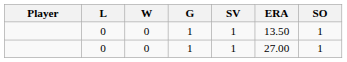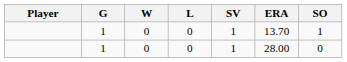 <table class="wikitable sortable">
 <tr>
 <th bgcolor="#DDDDFF" width="16%">Player</th>
+<th bgcolor="#DDDDFF" width="9%">G</th>
+<th bgcolor="#DDDDFF" width="9%">W</th>
 <th bgcolor="#DDDDFF" width="9%">L</th>
-<th bgcolor="#DDDDFF" width="9%">W</th>
-<th bgcolor="#DDDDFF" width="9%">G</th>
 <th bgcolor="#DDDDFF" width="9%">SV</th>
 <th bgcolor="#DDDDFF" width="9%">ERA</th>
 <th bgcolor="#DDDDFF" width="9%">SO</th>
 </tr>
 <tr align="center">
 <td></td>
+<td>1</td>
 <td>0</td>
 <td>0</td>
 <td>1</td>
-<td>1</td>
-<td>13.50</td>
+<td>13.70</td>
 <td>1</td>
 </tr>
 <tr align="center">
 <td></td>
+<td>1</td>
 <td>0</td>
 <td>0</td>
 <td>1</td>
-<td>1</td>
-<td>27.00</td>
-<td>1</td>
+<td>28.00</td>
+<td>0</td>
 </tr>
 </table>
